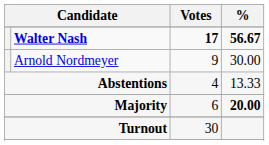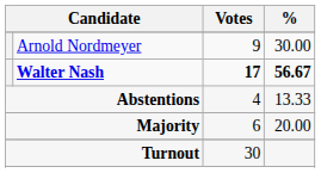 <table class="wikitable" style="font-size: 95%;">
 <tr style="background-color:#E9E9E9">
 <th colspan="2" style="width: 170px">Candidate</th>
 <th style="width: 50px">Votes</th>
 <th style="width: 40px">%</th>
 </tr>
 <tr>
 </tr>
 <tr>
 <th style="background-color: "></th>
+<td style="width: 170px"><a href='#'>Arnold Nordmeyer</a></td>
+<td align="right">9</td>
+<td align="right">30.00</td>
+</tr>
+<tr>
+<th style="background-color: "></th>
 <td style="width: 170px"><strong><a href='#'>Walter Nash</a></strong></td>
 <td align="right"><strong>17</strong></td>
 <td align="right"><strong>56.67</strong></td>
-</tr>
-<tr>
-<th style="background-color: "></th>
-<td style="width: 170px"><a href='#'>Arnold Nordmeyer</a></td>
-<td align="right">9</td>
-<td align="right">30.00</td>
 </tr>
 <tr style="background-color:#F6F6F6">
 <td colspan="2" align="right"><strong>Abstentions</strong></td>
 <td align="right">4</td>
 <td align="right">13.33</td>
 </tr>
 <tr>
 </tr>
 <tr style="background-color:#F6F6F6">
 <td colspan="2" align="right"><strong>Majority</strong></td>
 <td align="right">6</td>
-<td align="right"><strong>20.00</strong></td>
+<td align="right">20.00</td>
 </tr>
 <tr>
 </tr>
 <tr style="background-color:#F6F6F6">
 <td colspan="2" align="right"><strong>Turnout</strong></td>
 <td align="right">30</td>
 <td></td>
 </tr>
 <tr>
 </tr>
 <tr style="background-color:#F6F6F6">
 </tr>
 </table>
